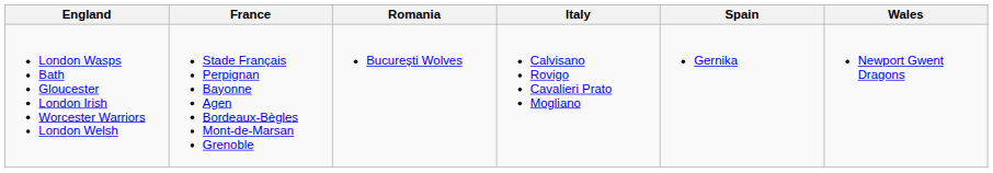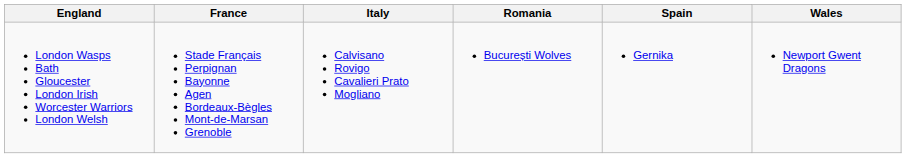 <table class="wikitable" style="width:100%;">
 <tr>
 <th width=16%>England</th>
 <th width=16%>France</th>
+<th width=16%>Italy</th>
 <th width=16%>Romania</th>
-<th width=16%>Italy</th>
 <th width=16%>Spain</th>
 <th width=16%>Wales</th>
 </tr>
 <tr valign=top>
 <td><br><ul><li><a href='#'>London Wasps</a></li><li><a href='#'>Bath</a></li><li><a href='#'>Gloucester</a></li><li><a href='#'>London Irish</a></li><li><a href='#'>Worcester Warriors</a></li><li><a href='#'>London Welsh</a></li></ul></td>
 <td><br><ul><li><a href='#'>Stade Français</a></li><li><a href='#'>Perpignan</a></li><li><a href='#'>Bayonne</a></li><li><a href='#'>Agen</a></li><li><a href='#'>Bordeaux-Bègles</a></li><li><a href='#'>Mont-de-Marsan</a></li><li><a href='#'>Grenoble</a></li></ul></td>
+<td><br><ul><li><a href='#'>Calvisano</a></li><li><a href='#'>Rovigo</a></li><li><a href='#'>Cavalieri Prato</a></li><li><a href='#'>Mogliano</a></li></ul></td>
 <td><br><ul><li><a href='#'>București Wolves</a></li></ul></td>
-<td><br><ul><li><a href='#'>Calvisano</a></li><li><a href='#'>Rovigo</a></li><li><a href='#'>Cavalieri Prato</a></li><li><a href='#'>Mogliano</a></li></ul></td>
 <td><br><ul><li><a href='#'>Gernika</a></li></ul></td>
 <td><br><ul><li><a href='#'>Newport Gwent Dragons</a></li></ul></td>
 </tr>
 </table>
